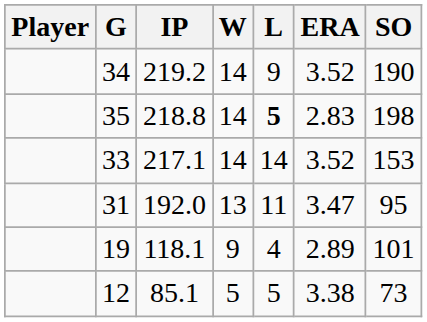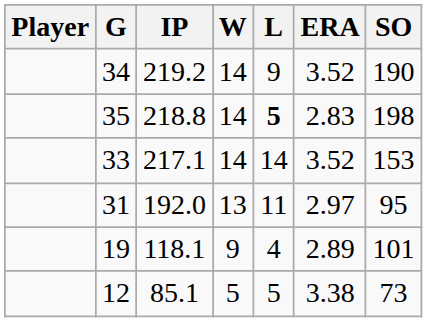 <table class="wikitable sortable">
 <tr>
 <th>Player</th>
 <th>G</th>
 <th>IP</th>
 <th>W</th>
 <th>L</th>
 <th>ERA</th>
 <th>SO</th>
 </tr>
 <tr align="center">
 <td></td>
 <td>34</td>
 <td>219.2</td>
 <td>14</td>
 <td>9</td>
 <td>3.52</td>
 <td>190</td>
 </tr>
 <tr align="center">
 <td></td>
 <td>35</td>
 <td>218.8</td>
 <td>14</td>
 <td><strong>5</strong></td>
 <td>2.83</td>
 <td>198</td>
 </tr>
 <tr align="center">
 <td></td>
 <td>33</td>
 <td>217.1</td>
 <td>14</td>
 <td>14</td>
 <td>3.52</td>
 <td>153</td>
 </tr>
 <tr align="center">
 <td></td>
 <td>31</td>
 <td>192.0</td>
 <td>13</td>
 <td>11</td>
-<td>3.47</td>
+<td>2.97</td>
 <td>95</td>
 </tr>
 <tr align="center">
 <td></td>
 <td>19</td>
 <td>118.1</td>
 <td>9</td>
 <td>4</td>
 <td>2.89</td>
 <td>101</td>
 </tr>
 <tr align="center">
 <td></td>
 <td>12</td>
 <td>85.1</td>
 <td>5</td>
 <td>5</td>
 <td>3.38</td>
 <td>73</td>
 </tr>
 </table>
